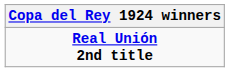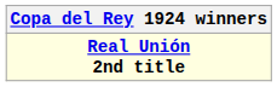 <table class="wikitable" style="text-align: center; margin: 0 auto;">
 <tr>
 <th><a href='#'>Copa del Rey</a> 1924 winners</th>
 </tr>
 <tr>
-<td><strong><a href='#'>Real Unión</a></strong><br><strong>2nd title</strong></td>
+<td style="background: lightyellow;"><strong><a href='#'>Real Unión</a></strong><br><strong>2nd title</strong></td>
 </tr>
 </table>
